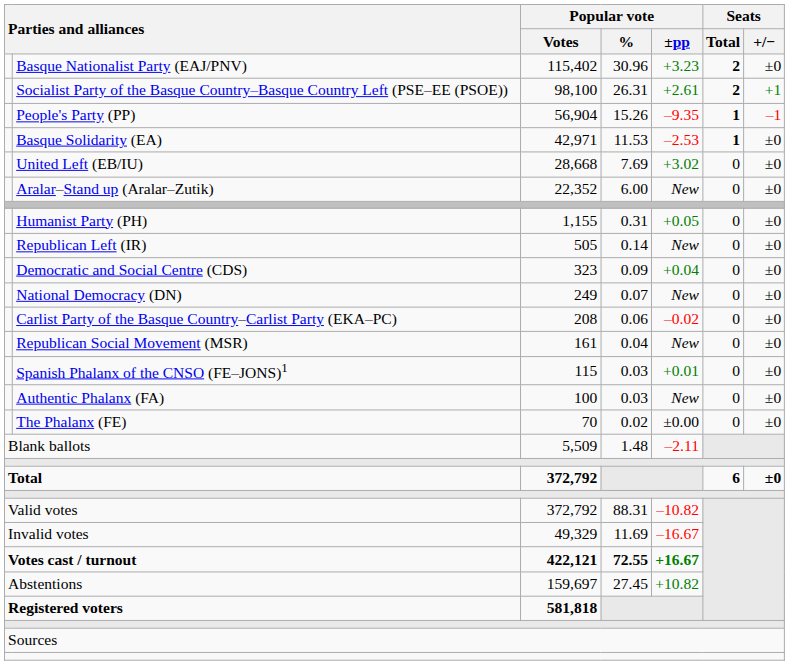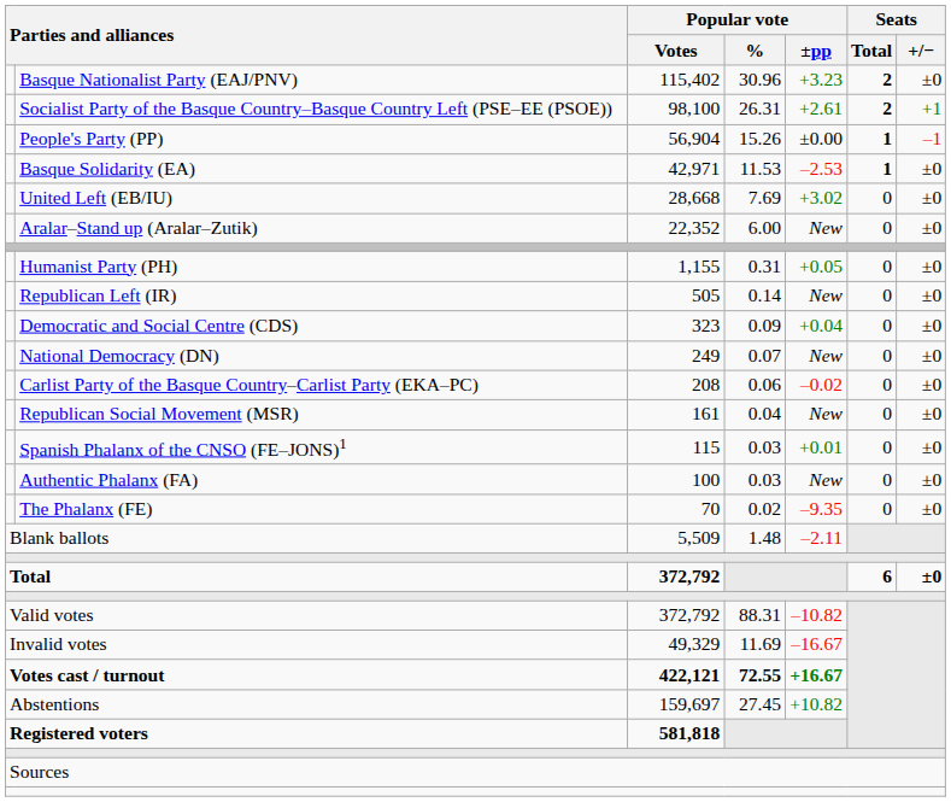 <table class="wikitable" style="text-align:right;">
 <tr>
 <th style="text-align:left;" rowspan="2" colspan="2" width="525">Parties and alliances</th>
 <th colspan="3">Popular vote</th>
 <th colspan="2">Seats</th>
 </tr>
 <tr>
 <th width="75">Votes</th>
 <th width="45">%</th>
 <th width="45">±<a href='#'>pp</a></th>
 <th width="35">Total</th>
 <th width="35">+/−</th>
 </tr>
 <tr>
 <td width="1" style="color:inherit;background:"></td>
 <td align="left"><a href='#'>Basque Nationalist Party</a> (EAJ/PNV)</td>
 <td>115,402</td>
 <td>30.96</td>
 <td style="color:green;">+3.23</td>
 <td><strong>2</strong></td>
 <td>±0</td>
 </tr>
 <tr>
 <td style="color:inherit;background:"></td>
 <td align="left"><a href='#'>Socialist Party of the Basque Country–Basque Country Left</a> (PSE–EE (PSOE))</td>
 <td>98,100</td>
 <td>26.31</td>
 <td style="color:green;">+2.61</td>
 <td><strong>2</strong></td>
 <td style="color:green;">+1</td>
 </tr>
 <tr>
 <td style="color:inherit;background:"></td>
 <td align="left"><a href='#'>People's Party</a> (PP)</td>
 <td>56,904</td>
 <td>15.26</td>
-<td style="color:red;">–9.35</td>
+<td>±0.00</td>
 <td><strong>1</strong></td>
 <td style="color:red;">–1</td>
 </tr>
 <tr>
 <td style="color:inherit;background:"></td>
 <td align="left"><a href='#'>Basque Solidarity</a> (EA)</td>
 <td>42,971</td>
 <td>11.53</td>
 <td style="color:red;">–2.53</td>
 <td><strong>1</strong></td>
 <td>±0</td>
 </tr>
 <tr>
 <td style="color:inherit;background:"></td>
 <td align="left"><a href='#'>United Left</a> (EB/IU)</td>
 <td>28,668</td>
 <td>7.69</td>
 <td style="color:green;">+3.02</td>
 <td>0</td>
 <td>±0</td>
 </tr>
 <tr>
 <td style="color:inherit;background:"></td>
 <td align="left"><a href='#'>Aralar</a>–<a href='#'>Stand up</a> (Aralar–Zutik)</td>
 <td>22,352</td>
 <td>6.00</td>
 <td><em>New</em></td>
 <td>0</td>
 <td>±0</td>
 </tr>
 <tr>
 <td colspan="7" bgcolor="#C0C0C0"></td>
 </tr>
 <tr>
 <td style="color:inherit;background:"></td>
 <td align="left"><a href='#'>Humanist Party</a> (PH)</td>
 <td>1,155</td>
 <td>0.31</td>
 <td style="color:green;">+0.05</td>
 <td>0</td>
 <td>±0</td>
 </tr>
 <tr>
 <td style="color:inherit;background:"></td>
 <td align="left"><a href='#'>Republican Left</a> (IR)</td>
 <td>505</td>
 <td>0.14</td>
 <td><em>New</em></td>
 <td>0</td>
 <td>±0</td>
 </tr>
 <tr>
 <td style="color:inherit;background:"></td>
 <td align="left"><a href='#'>Democratic and Social Centre</a> (CDS)</td>
 <td>323</td>
 <td>0.09</td>
 <td style="color:green;">+0.04</td>
 <td>0</td>
 <td>±0</td>
 </tr>
 <tr>
 <td style="color:inherit;background:"></td>
 <td align="left"><a href='#'>National Democracy</a> (DN)</td>
 <td>249</td>
 <td>0.07</td>
 <td><em>New</em></td>
 <td>0</td>
 <td>±0</td>
 </tr>
 <tr>
 <td style="color:inherit;background:"></td>
 <td align="left"><a href='#'>Carlist Party of the Basque Country</a>–<a href='#'>Carlist Party</a> (EKA–PC)</td>
 <td>208</td>
 <td>0.06</td>
 <td style="color:red;">–0.02</td>
 <td>0</td>
 <td>±0</td>
 </tr>
 <tr>
 <td style="color:inherit;background:"></td>
 <td align="left"><a href='#'>Republican Social Movement</a> (MSR)</td>
 <td>161</td>
 <td>0.04</td>
 <td><em>New</em></td>
 <td>0</td>
 <td>±0</td>
 </tr>
 <tr>
 <td style="color:inherit;background:"></td>
 <td align="left"><a href='#'>Spanish Phalanx of the CNSO</a> (FE–JONS)<sup>1</sup></td>
 <td>115</td>
 <td>0.03</td>
 <td style="color:green;">+0.01</td>
 <td>0</td>
 <td>±0</td>
 </tr>
 <tr>
 <td style="color:inherit;background:"></td>
 <td align="left"><a href='#'>Authentic Phalanx</a> (FA)</td>
 <td>100</td>
 <td>0.03</td>
 <td><em>New</em></td>
 <td>0</td>
 <td>±0</td>
 </tr>
 <tr>
 <td style="color:inherit;background:"></td>
 <td align="left"><a href='#'>The Phalanx</a> (FE)</td>
 <td>70</td>
 <td>0.02</td>
-<td>±0.00</td>
+<td style="color:red;">–9.35</td>
 <td>0</td>
 <td>±0</td>
 </tr>
 <tr>
 <td align="left" colspan="2">Blank ballots</td>
 <td>5,509</td>
 <td>1.48</td>
 <td style="color:red;">–2.11</td>
 <td bgcolor="#E9E9E9" colspan="2"></td>
 </tr>
 <tr>
 <td colspan="7" bgcolor="#E9E9E9"></td>
 </tr>
 <tr style="font-weight:bold;">
 <td align="left" colspan="2">Total</td>
 <td>372,792</td>
 <td bgcolor="#E9E9E9" colspan="2"></td>
 <td>6</td>
 <td>±0</td>
 </tr>
 <tr>
 <td colspan="7" bgcolor="#E9E9E9"></td>
 </tr>
 <tr>
 <td align="left" colspan="2">Valid votes</td>
 <td>372,792</td>
 <td>88.31</td>
 <td style="color:red;">–10.82</td>
 <td bgcolor="#E9E9E9" colspan="2" rowspan="5"></td>
 </tr>
 <tr>
 <td align="left" colspan="2">Invalid votes</td>
 <td>49,329</td>
 <td>11.69</td>
 <td style="color:red;">–16.67</td>
 </tr>
 <tr style="font-weight:bold;">
 <td align="left" colspan="2">Votes cast / turnout</td>
 <td>422,121</td>
 <td>72.55</td>
 <td style="color:green;">+16.67</td>
 </tr>
 <tr>
 <td align="left" colspan="2">Abstentions</td>
 <td>159,697</td>
 <td>27.45</td>
 <td style="color:green;">+10.82</td>
 </tr>
 <tr style="font-weight:bold;">
 <td align="left" colspan="2">Registered voters</td>
 <td>581,818</td>
 <td bgcolor="#E9E9E9" colspan="2"></td>
 </tr>
 <tr>
 <td colspan="7" bgcolor="#E9E9E9"></td>
 </tr>
 <tr>
 <td align="left" colspan="7">Sources</td>
 </tr>
 <tr>
 <td colspan="7" style="text-align:left; max-width:790px;"></td>
 </tr>
 </table>
